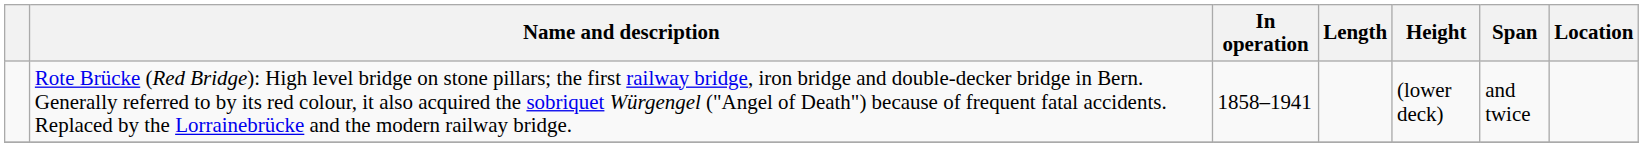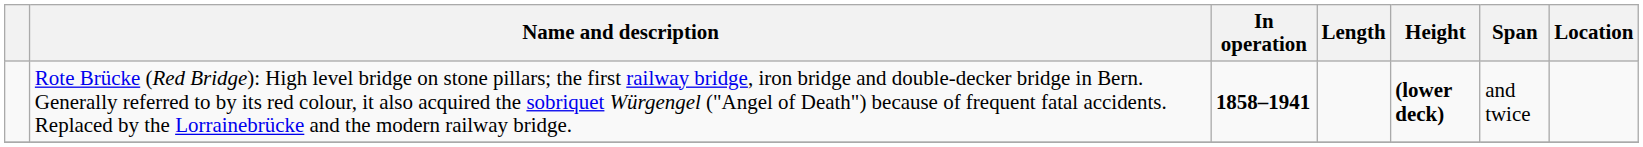 <table class="wikitable sortable">
 <tr>
 <th>   </th>
 <th>Name and description</th>
 <th>In operation</th>
 <th>Length</th>
 <th>Height</th>
 <th>Span</th>
 <th>Location</th>
 </tr>
 <tr>
 <td></td>
 <td><a href='#'>Rote Brücke</a> (<em>Red Bridge</em>): High level bridge on stone pillars; the first <a href='#'>railway bridge</a>, iron bridge and double-decker bridge in Bern. Generally referred to by its red colour, it also acquired the <a href='#'>sobriquet</a> <em>Würgengel</em> ("Angel of Death") because of frequent fatal accidents. Replaced by the <a href='#'>Lorrainebrücke</a> and the modern railway bridge.</td>
-<td>1858–1941</td>
+<td><strong>1858–1941</strong></td>
 <td></td>
-<td> (lower deck)</td>
+<td><strong> (lower deck)</strong></td>
 <td> and twice </td>
 <td></td>
 </tr>
 <tr ->
 </tr>
 </table>
